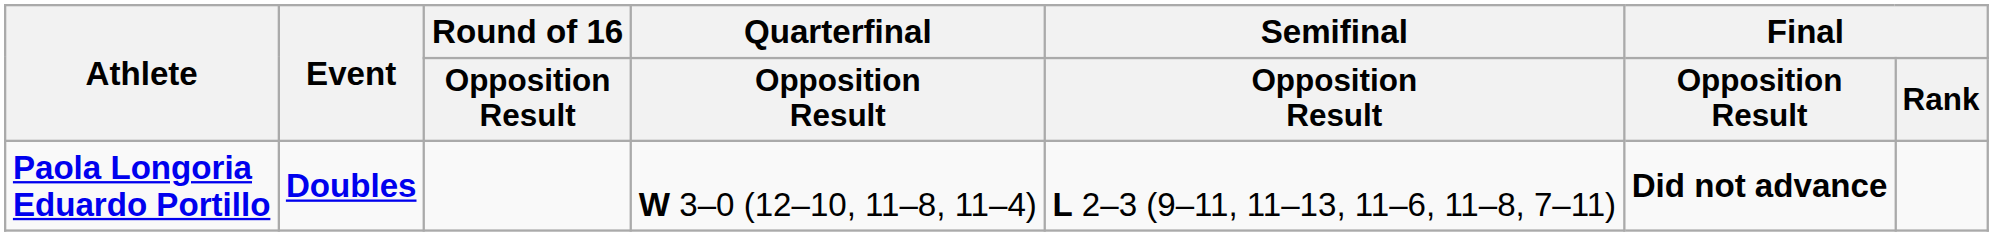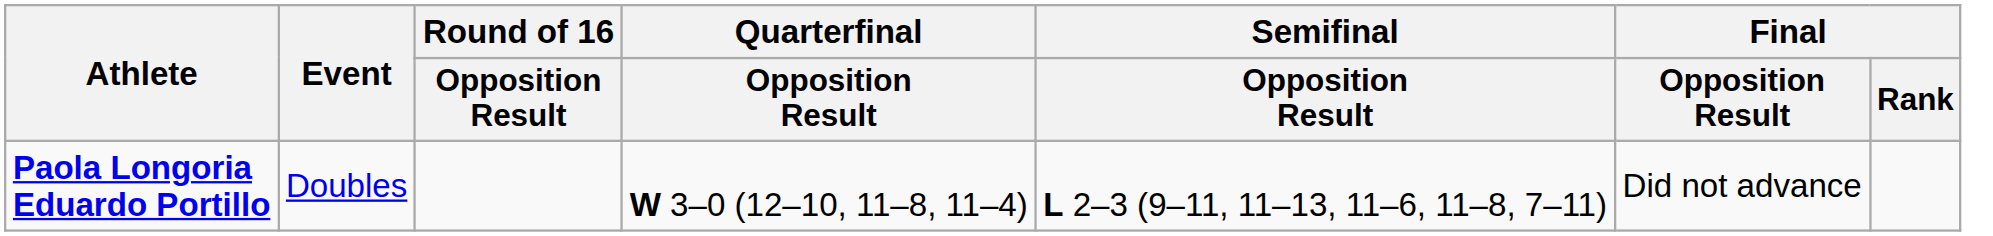 <table class=wikitable style=font-size:90%;text-align:center>
 <tr>
 <th rowspan=2>Athlete</th>
 <th rowspan=2>Event</th>
 <th>Round of 16</th>
 <th>Quarterfinal</th>
 <th>Semifinal</th>
 <th colspan=2>Final</th>
 </tr>
 <tr style=font-size:95%>
 <th>Opposition<br>Result</th>
 <th>Opposition<br>Result</th>
 <th>Opposition<br>Result</th>
 <th>Opposition<br>Result</th>
 <th>Rank</th>
 </tr>
 <tr>
 <td align=left><strong><a href='#'>Paola Longoria</a><br><a href='#'>Eduardo Portillo</a></strong></td>
-<td align=left><strong><a href='#'>Doubles</a></strong></td>
+<td align=left><a href='#'>Doubles</a></td>
 <td></td>
 <td><br><strong>W</strong> 3–0 (12–10, 11–8, 11–4)</td>
 <td><br><strong>L</strong> 2–3 (9–11, 11–13, 11–6, 11–8, 7–11)</td>
-<td colspan=1><strong>Did not advance</strong></td>
+<td colspan=1>Did not advance</td>
 <td></td>
 </tr>
 </table>
